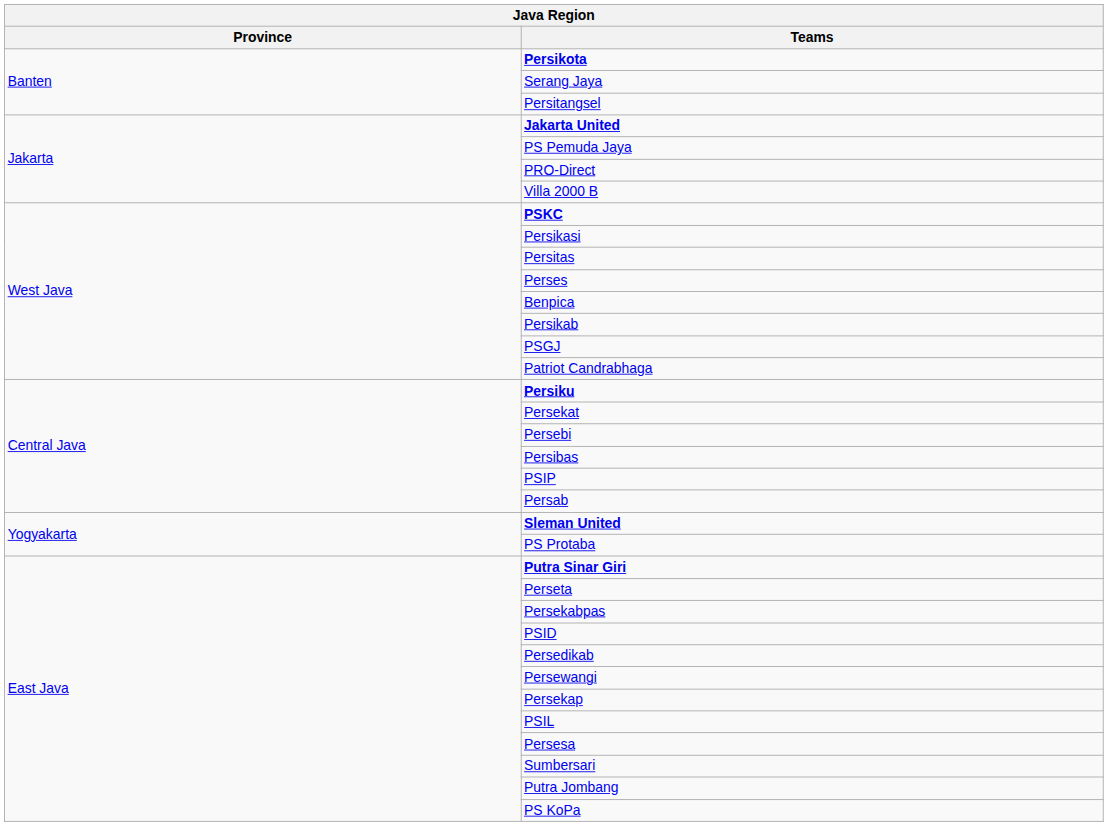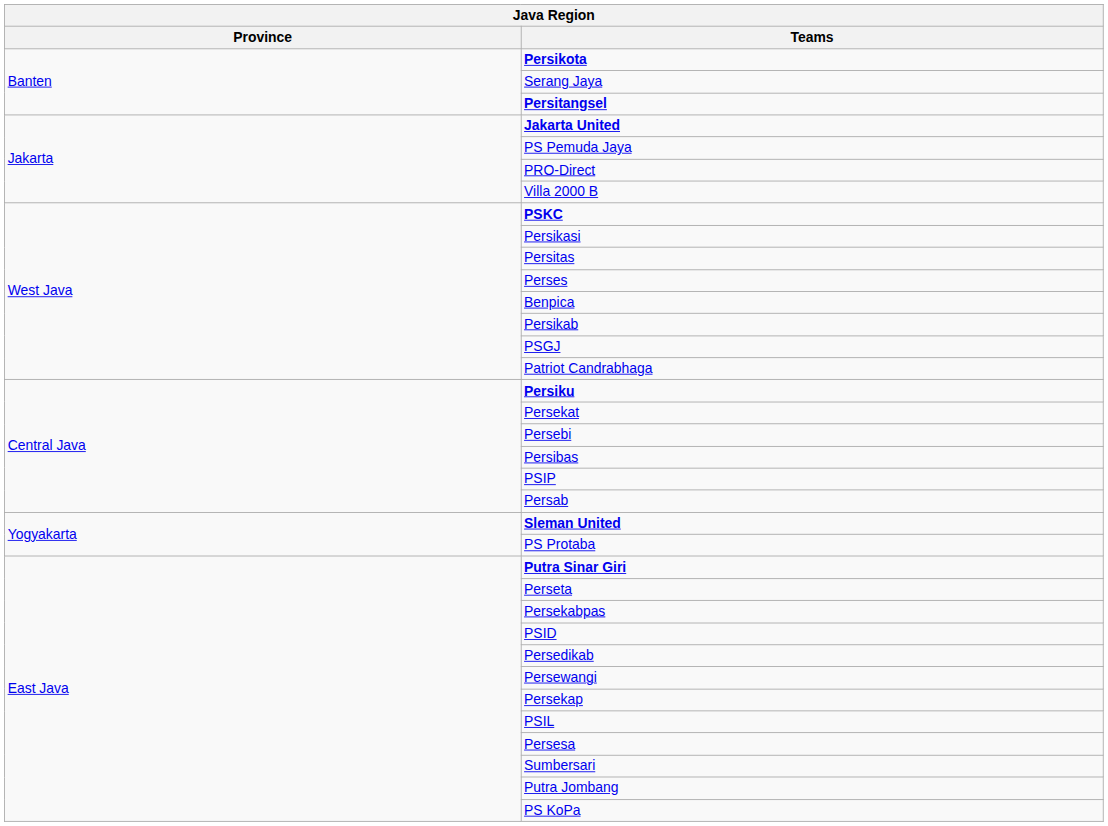 <table class="wikitable sortable" style="width:100%;">
 <tr>
 <th colspan="2"><strong>Java Region</strong></th>
 </tr>
 <tr>
 <th style="width:47%;">Province</th>
 <th style="width:53%;">Teams</th>
 </tr>
 <tr>
 <td rowspan="3"> <a href='#'>Banten</a></td>
 <td><strong><a href='#'>Persikota</a></strong></td>
 </tr>
 <tr>
 <td><a href='#'>Serang Jaya</a></td>
 </tr>
 <tr>
-<td><a href='#'>Persitangsel</a></td>
+<td><strong><a href='#'>Persitangsel</a></strong></td>
 </tr>
 <tr>
 <td rowspan="4"> <a href='#'>Jakarta</a></td>
 <td><strong><a href='#'>Jakarta United</a></strong></td>
 </tr>
 <tr>
 <td><a href='#'>PS Pemuda Jaya</a></td>
 </tr>
 <tr>
 <td><a href='#'>PRO-Direct</a></td>
 </tr>
 <tr>
 <td><a href='#'>Villa 2000 B</a></td>
 </tr>
 <tr>
 <td rowspan="8"> <a href='#'>West Java</a></td>
 <td><strong><a href='#'>PSKC</a></strong></td>
 </tr>
 <tr>
 <td><a href='#'>Persikasi</a></td>
 </tr>
 <tr>
 <td><a href='#'>Persitas</a></td>
 </tr>
 <tr>
 <td><a href='#'>Perses</a></td>
 </tr>
 <tr>
 <td><a href='#'>Benpica</a></td>
 </tr>
 <tr>
 <td><a href='#'>Persikab</a></td>
 </tr>
 <tr>
 <td><a href='#'>PSGJ</a></td>
 </tr>
 <tr>
 <td><a href='#'>Patriot Candrabhaga</a></td>
 </tr>
 <tr>
 <td rowspan="6"> <a href='#'>Central Java</a></td>
 <td><strong><a href='#'>Persiku</a></strong></td>
 </tr>
 <tr>
 <td><a href='#'>Persekat</a></td>
 </tr>
 <tr>
 <td><a href='#'>Persebi</a></td>
 </tr>
 <tr>
 <td><a href='#'>Persibas</a></td>
 </tr>
 <tr>
 <td><a href='#'>PSIP</a></td>
 </tr>
 <tr>
 <td><a href='#'>Persab</a></td>
 </tr>
 <tr>
 <td rowspan="2"> <a href='#'>Yogyakarta</a></td>
 <td><strong><a href='#'>Sleman United</a></strong></td>
 </tr>
 <tr>
 <td><a href='#'>PS Protaba</a></td>
 </tr>
 <tr>
 <td rowspan="12"> <a href='#'>East Java</a></td>
 <td><strong><a href='#'>Putra Sinar Giri</a></strong></td>
 </tr>
 <tr>
 <td><a href='#'>Perseta</a></td>
 </tr>
 <tr>
 <td><a href='#'>Persekabpas</a></td>
 </tr>
 <tr>
 <td><a href='#'>PSID</a></td>
 </tr>
 <tr>
 <td><a href='#'>Persedikab</a></td>
 </tr>
 <tr>
 <td><a href='#'>Persewangi</a></td>
 </tr>
 <tr>
 <td><a href='#'>Persekap</a></td>
 </tr>
 <tr>
 <td><a href='#'>PSIL</a></td>
 </tr>
 <tr>
 <td><a href='#'>Persesa</a></td>
 </tr>
 <tr>
 <td><a href='#'>Sumbersari</a></td>
 </tr>
 <tr>
 <td><a href='#'>Putra Jombang</a></td>
 </tr>
 <tr>
 <td><a href='#'>PS KoPa</a></td>
 </tr>
 </table>
